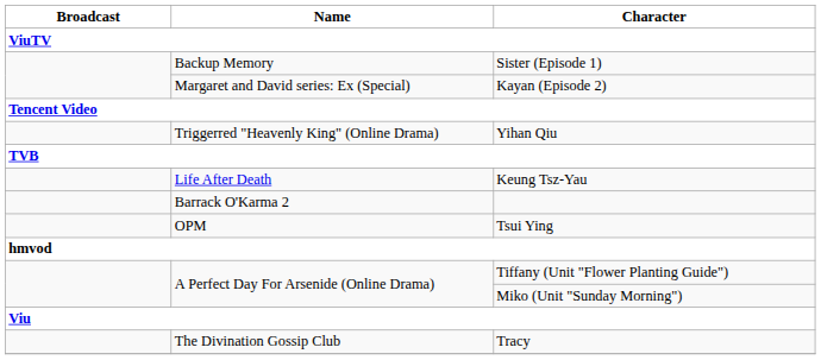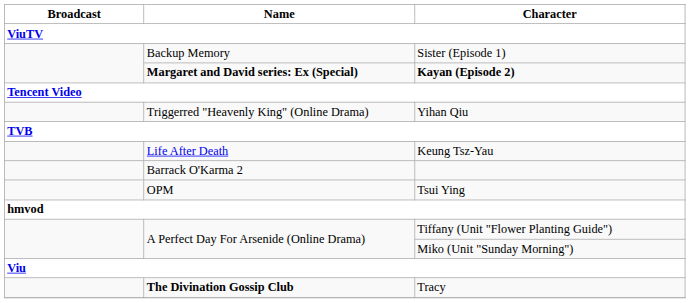 <table class="wikitable" width="70%">
 <tr style="background:#FFF; color:#000" align=center>
 <td style="width:8%"><strong>Broadcast</strong></td>
 <td style="width:16%"><strong>Name</strong></td>
 <td style="width:16%"><strong>Character</strong></td>
 </tr>
 <tr>
 <td colspan="4" align="left" style="background:#FFF; color:#000"><strong><a href='#'>ViuTV</a></strong></td>
 </tr>
 <tr>
 <td rowspan="2"></td>
 <td>Backup Memory</td>
 <td>Sister (Episode 1)</td>
 </tr>
 <tr>
-<td>Margaret and David series: Ex (Special)</td>
-<td>Kayan (Episode 2)</td>
+<td><strong>Margaret and David series: Ex (Special)</strong></td>
+<td><strong>Kayan (Episode 2)</strong></td>
 </tr>
 <tr>
 <td colspan="4" align="left" style="background:#FFF; color:#000"><strong><a href='#'>Tencent Video</a></strong></td>
 </tr>
 <tr>
 <td></td>
 <td>Triggerred "Heavenly King" (Online Drama)</td>
 <td>Yihan Qiu</td>
 </tr>
 <tr>
 <td colspan="4" align="left" style="background:#FFF; color:#000"><strong><a href='#'>TVB</a></strong></td>
 </tr>
 <tr>
 <td></td>
 <td><a href='#'>Life After Death</a></td>
 <td>Keung Tsz-Yau</td>
 </tr>
 <tr>
 <td></td>
 <td>Barrack O'Karma 2</td>
 <td></td>
 </tr>
 <tr>
 <td rowspan="1"></td>
 <td>OPM</td>
 <td>Tsui Ying</td>
 </tr>
 <tr>
 <td colspan="4" align="left" style="background:#FFF; color:#000"><strong>hmvod</strong></td>
 </tr>
 <tr>
 <td rowspan="2"></td>
 <td rowspan="2">A Perfect Day For Arsenide (Online Drama)</td>
 <td>Tiffany (Unit "Flower Planting Guide")</td>
 </tr>
 <tr>
 <td>Miko (Unit "Sunday Morning")</td>
 </tr>
 <tr>
 <td colspan="4" align="left" style="background:#FFF; color:#000"><strong><a href='#'>Viu</a></strong></td>
 </tr>
 <tr>
 <td></td>
-<td>The Divination Gossip Club</td>
+<td><strong>The Divination Gossip Club</strong></td>
 <td>Tracy</td>
 </tr>
 <tr>
 </tr>
 </table>
